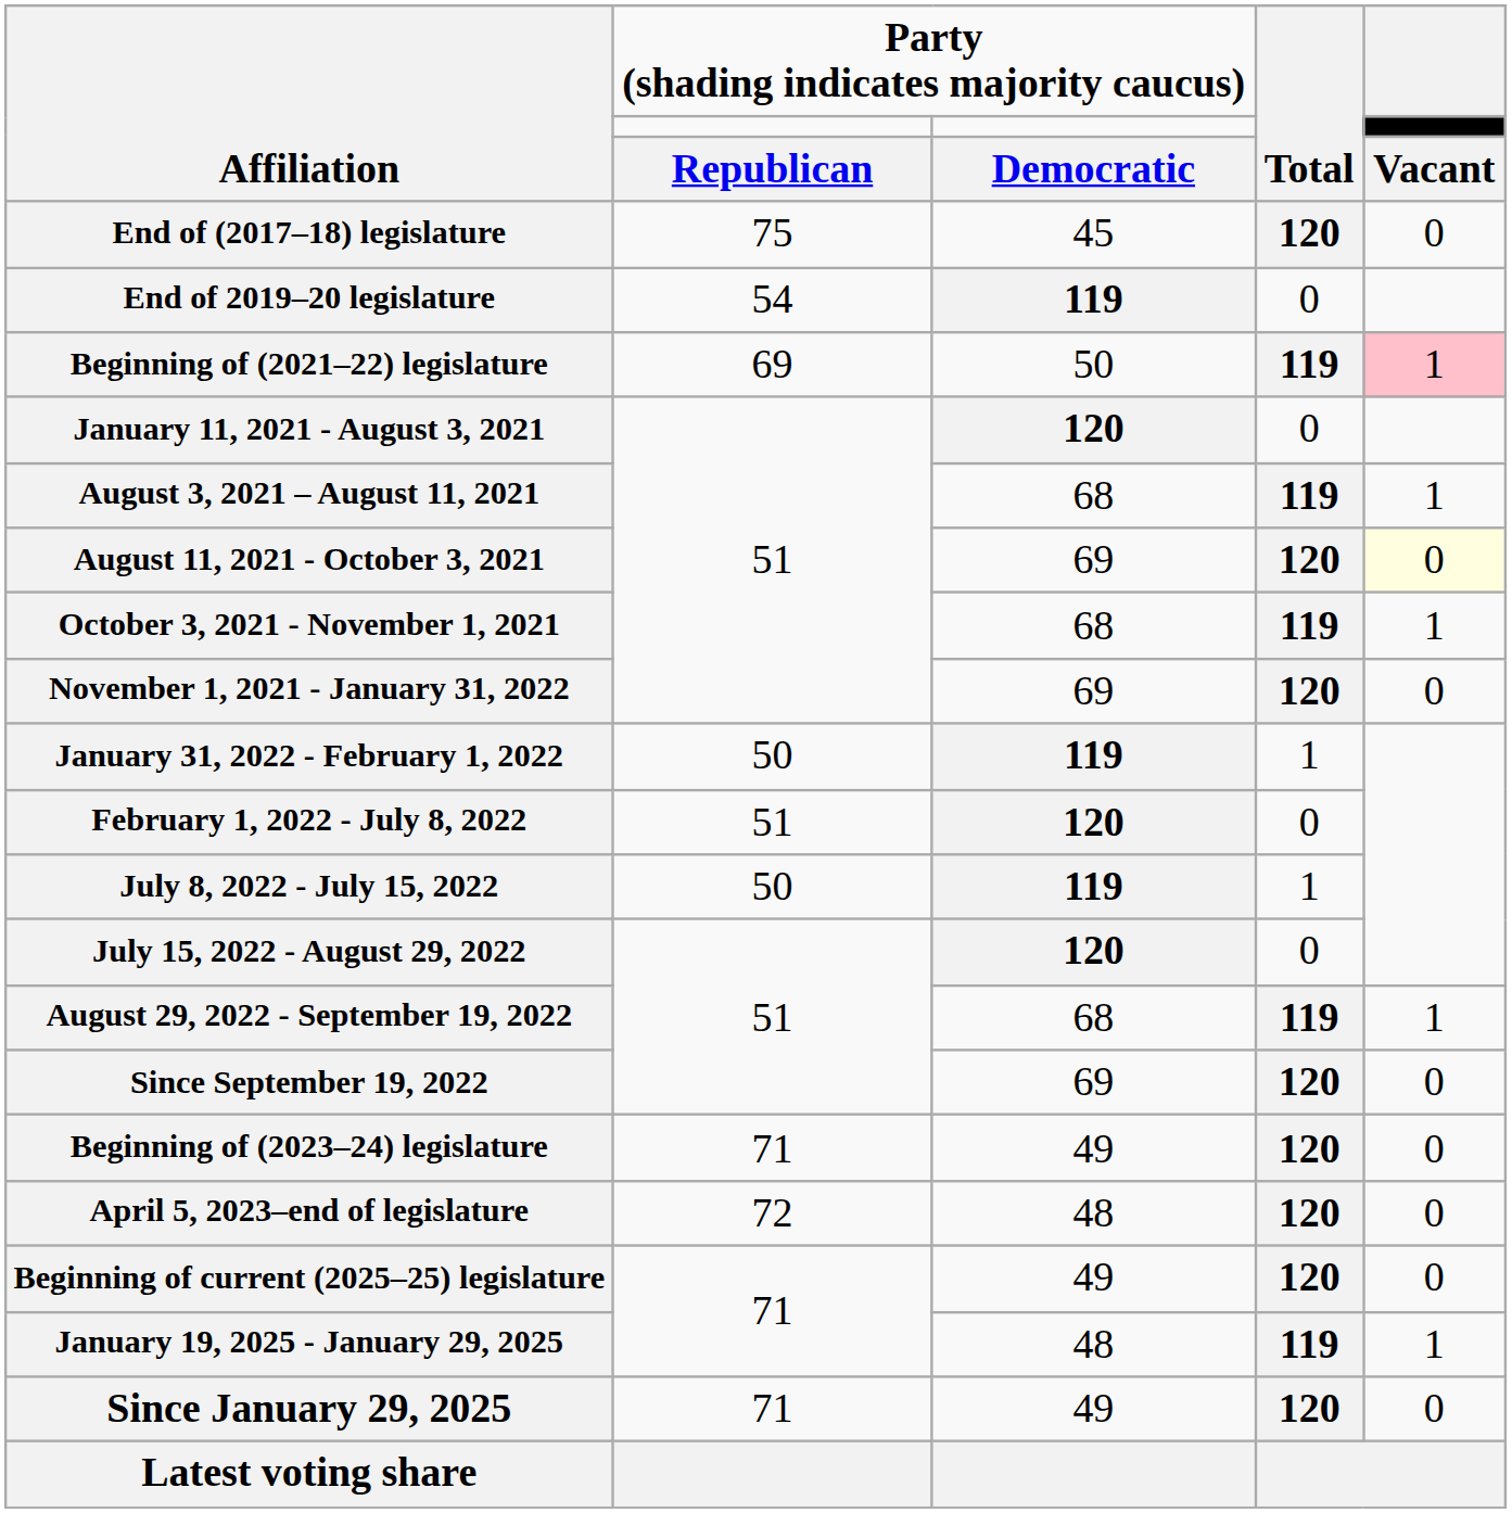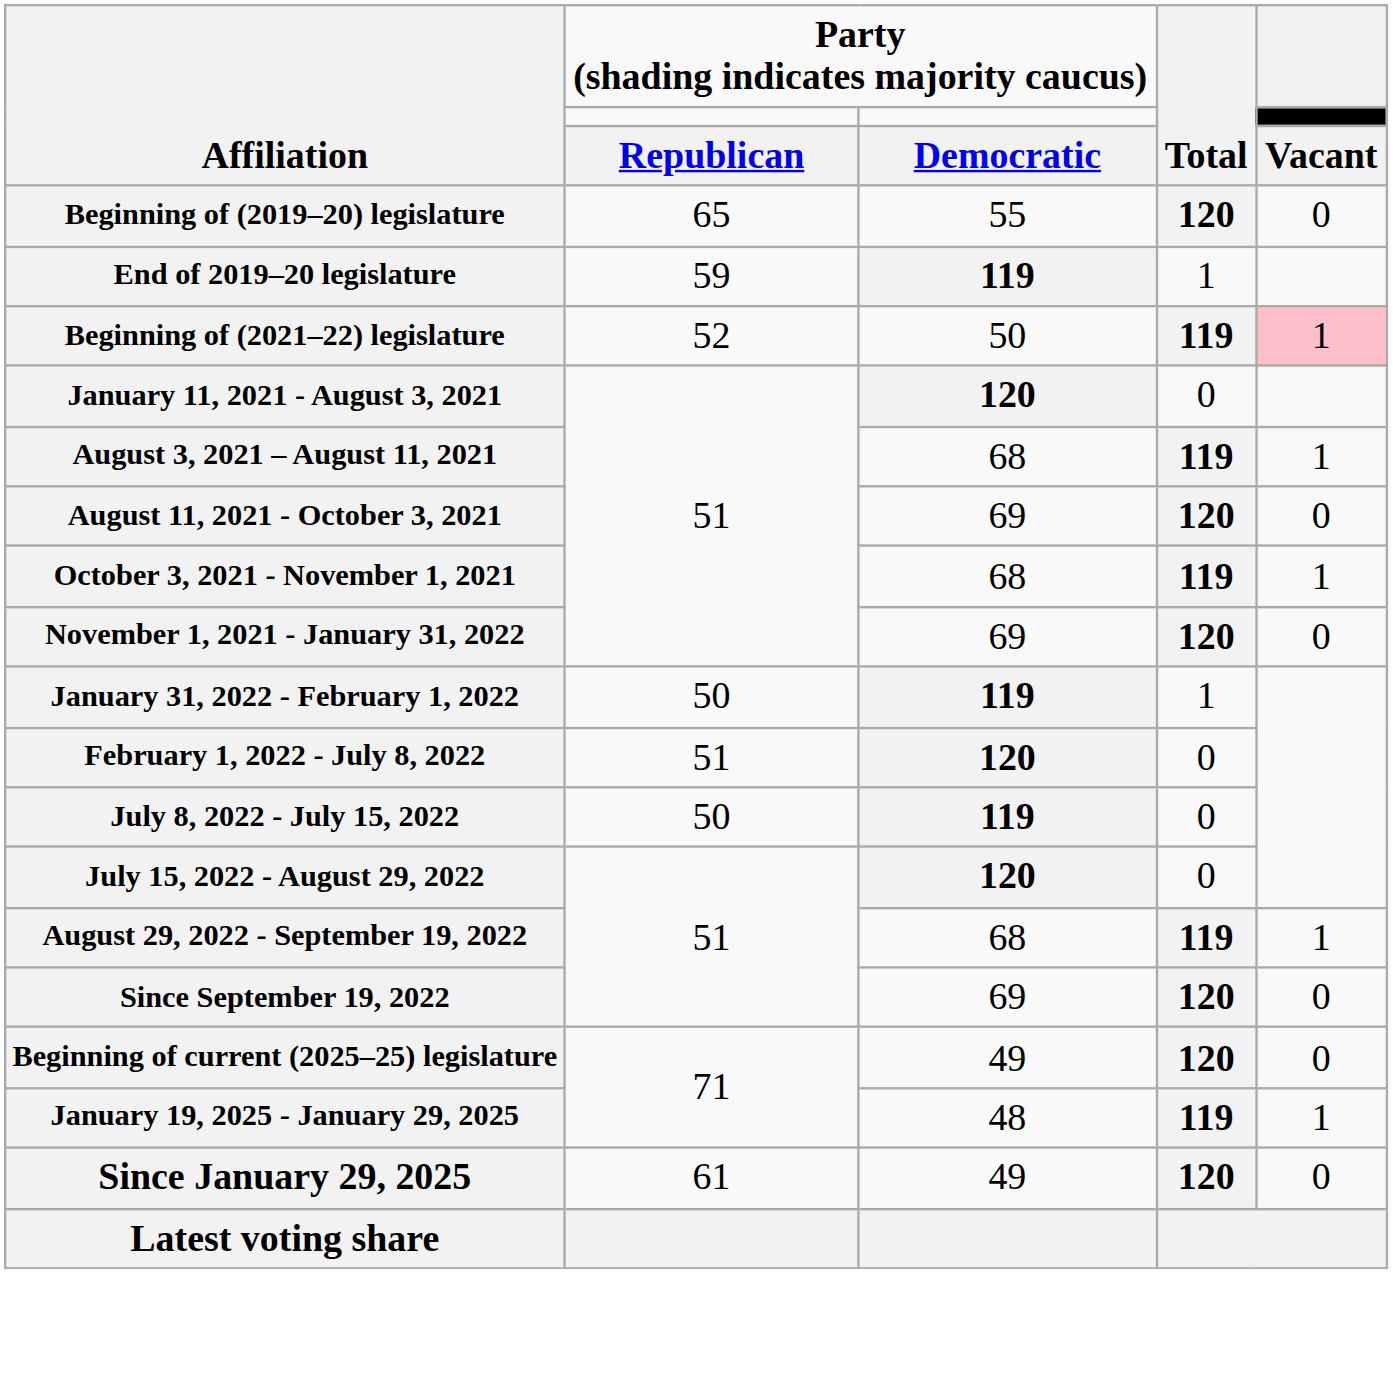 <table class=wikitable style="text-align:center">
 <tr style="vertical-align:bottom;">
 <th rowspan=3>Affiliation</th>
 <td colspan="2"><strong>Party</strong> <div><strong>(shading indicates majority caucus)</strong></div></td>
 <th rowspan=3>Total</th>
 <th></th>
 </tr>
 <tr style="height:5px">
 <td style="background-color:"></td>
 <td style="background-color:"></td>
 <td style="background: black"></td>
 </tr>
 <tr>
 <th><a href='#'>Republican</a></th>
 <th><a href='#'>Democratic</a></th>
 <th>Vacant</th>
 </tr>
 <tr>
-<th nowrap="" style="font-size:80%">End of (2017–18) legislature</th>
-<td>75</td>
-<td>45</td>
+<th nowrap="" style="font-size:80%">Beginning of (2019–20) legislature</th>
+<td>65</td>
+<td>55</td>
 <th>120</th>
 <td>0</td>
 </tr>
 <tr>
 <th nowrap style="font-size:80%">End of 2019–20 legislature</th>
-<td>54</td>
+<td>59</td>
 <th>119</th>
-<td>0</td>
+<td>1</td>
 </tr>
 <tr>
 <th nowrap style="font-size:80%">Beginning of (2021–22) legislature</th>
-<td>69</td>
+<td>52</td>
 <td>50</td>
 <th>119</th>
 <td style="background: pink;">1</td>
 </tr>
 <tr>
 <th nowrap style="font-size:80%">January 11, 2021 - August 3, 2021</th>
 <td rowspan=5>51</td>
 <th>120</th>
 <td>0</td>
 </tr>
 <tr>
 <th nowrap style="font-size:80%">August 3, 2021 – August 11, 2021</th>
 <td>68</td>
 <th>119</th>
 <td>1</td>
 </tr>
 <tr>
 <th nowrap style="font-size:80%">August 11, 2021 - October 3, 2021</th>
 <td>69</td>
 <th>120</th>
-<td style="background: lightyellow;">0</td>
+<td>0</td>
 </tr>
 <tr>
 <th nowrap style="font-size:80%">October 3, 2021 - November 1, 2021</th>
 <td>68</td>
 <th>119</th>
 <td>1</td>
 </tr>
 <tr>
 <th nowrap style="font-size:80%">November 1, 2021 - January 31, 2022</th>
 <td>69</td>
 <th>120</th>
 <td>0</td>
 </tr>
 <tr>
 <th nowrap style="font-size:80%">January 31, 2022 - February 1, 2022</th>
 <td>50</td>
 <th>119</th>
 <td>1</td>
 </tr>
 <tr>
 <th nowrap style="font-size:80%">February 1, 2022 - July 8, 2022</th>
 <td>51</td>
 <th>120</th>
 <td>0</td>
 </tr>
 <tr>
 <th nowrap style="font-size:80%">July 8, 2022 - July 15, 2022</th>
 <td>50</td>
 <th>119</th>
-<td>1</td>
+<td>0</td>
 </tr>
 <tr>
 <th nowrap style="font-size:80%">July 15, 2022 - August 29, 2022</th>
 <td rowspan=3>51</td>
 <th>120</th>
 <td>0</td>
 </tr>
 <tr>
 <th nowrap style="font-size:80%">August 29, 2022 - September 19, 2022</th>
 <td>68</td>
 <th>119</th>
 <td>1</td>
 </tr>
 <tr>
 <th nowrap style="font-size:80%">Since September 19, 2022</th>
 <td>69</td>
 <th>120</th>
 <td>0</td>
 </tr>
 <tr>
-<th nowrap style="font-size:80%">Beginning of (2023–24) legislature</th>
-<td>71</td>
-<td>49</td>
-<th>120</th>
-<td>0</td>
-</tr>
-<tr>
-<th nowrap style="font-size:80%">April 5, 2023–end of legislature</th>
-<td>72</td>
-<td>48</td>
-<th>120</th>
-<td>0</td>
-</tr>
-<tr>
 <th nowrap style="font-size:80%">Beginning of current (2025–25) legislature</th>
 <td rowspan=2 >71</td>
 <td>49</td>
 <th>120</th>
 <td>0</td>
 </tr>
 <tr>
 <th nowrap style="font-size:80%">January 19, 2025 - January 29, 2025</th>
 <td>48</td>
 <th>119</th>
 <td>1</td>
 </tr>
 <tr>
 <th>Since January 29, 2025</th>
-<td>71</td>
+<td>61</td>
 <td>49</td>
 <th>120</th>
 <td>0</td>
 </tr>
 <tr>
 <th>Latest voting share</th>
 <th></th>
 <th></th>
 <th colspan=2></th>
 </tr>
 </table>
